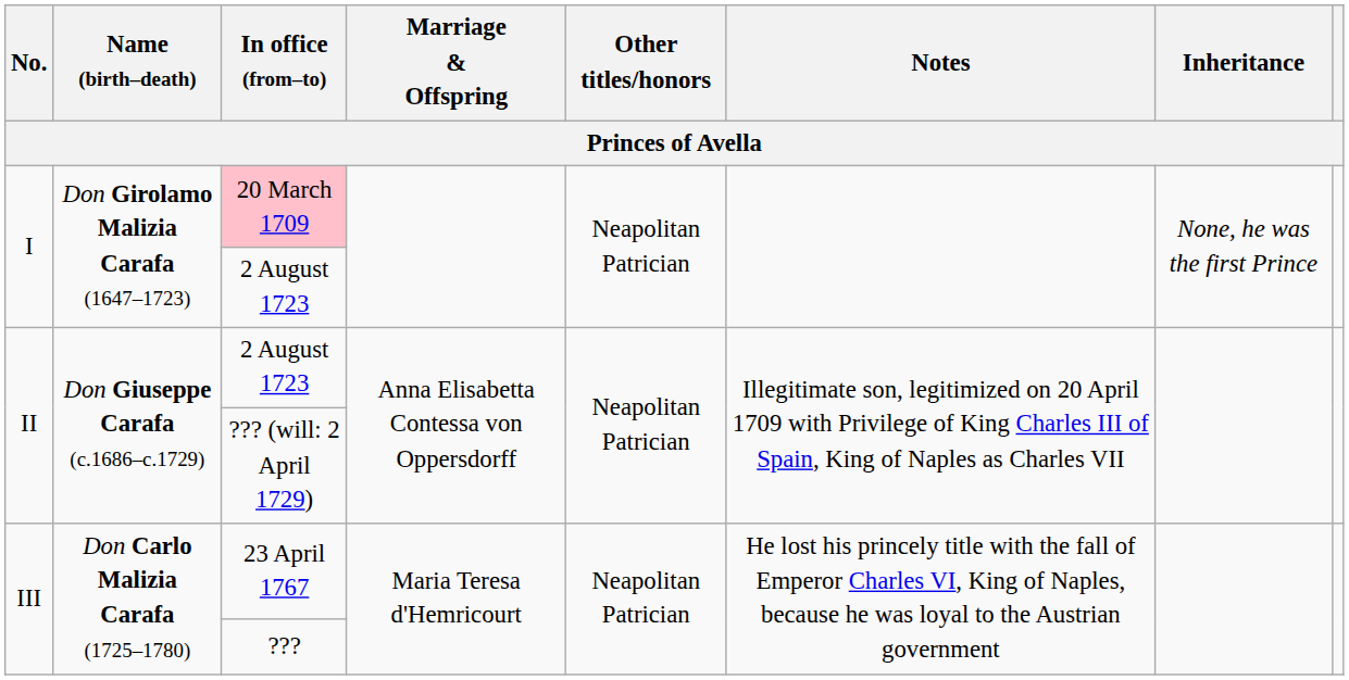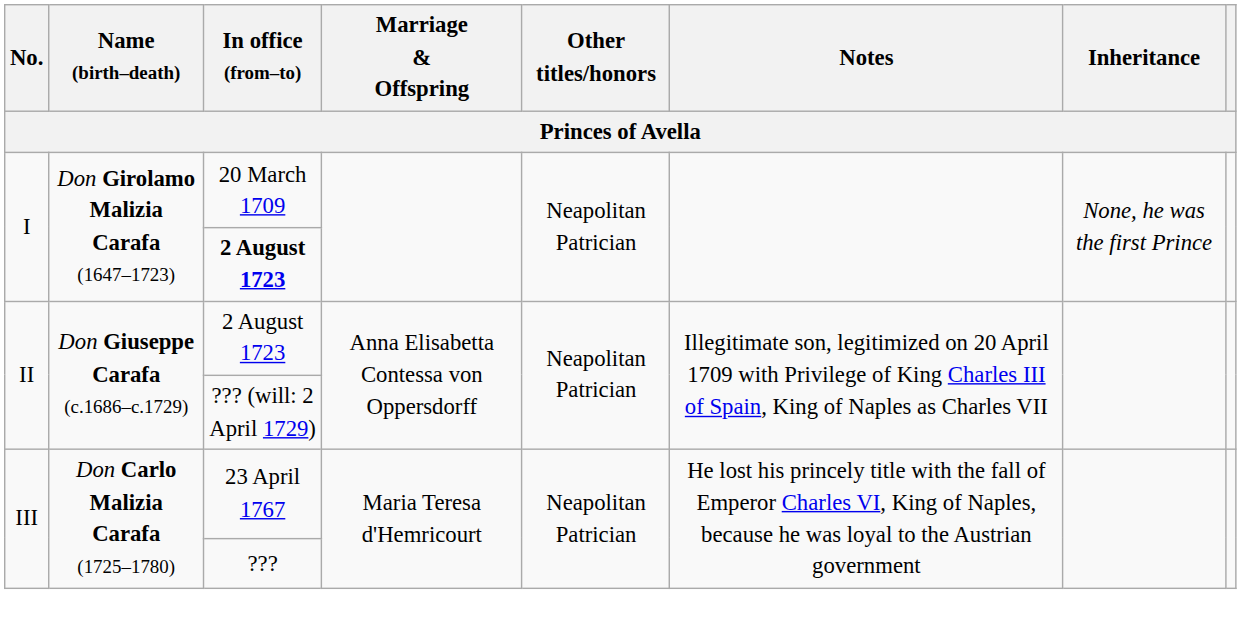 <table class="wikitable" style="line-height:1.4em; text-align:center">
 <tr>
 <th>No.</th>
 <th>Name<br><small>(birth–death)</small></th>
 <th>In office<br><small>(from–to)</small></th>
 <th>Marriage<br>&<br>Offspring</th>
 <th>Other titles/honors</th>
 <th>Notes</th>
 <th>Inheritance</th>
 <th></th>
 </tr>
 <tr>
 <th class=noprint colspan=8 style="font-weight:normal" style="background:#FFD700"><strong>Princes of Avella</strong></th>
 </tr>
 <tr>
 <td rowspan=2>I</td>
 <td rowspan=2><em>Don</em> <strong>Girolamo Malizia Carafa</strong><br><small>(1647–1723)</small></td>
-<td style="background: pink;">20 March <a href='#'>1709</a></td>
+<td>20 March <a href='#'>1709</a></td>
 <td rowspan=2></td>
 <td rowspan=2>Neapolitan Patrician</td>
 <td rowspan=2></td>
 <td rowspan=2><em>None, he was the first Prince</em></td>
 <td rowspan=2></td>
 </tr>
 <tr>
-<td>2 August <a href='#'>1723</a></td>
+<td><strong>2 August <a href='#'>1723</a></strong></td>
 </tr>
 <tr>
 <td rowspan=2>II</td>
 <td rowspan=2><em>Don</em> <strong>Giuseppe Carafa</strong><br><small>(c.1686–c.1729)</small></td>
 <td>2 August <a href='#'>1723</a></td>
 <td rowspan=2>Anna Elisabetta Contessa von Oppersdorff</td>
 <td rowspan=2>Neapolitan Patrician</td>
 <td rowspan=2>Illegitimate son, legitimized on 20 April 1709 with Privilege of King <a href='#'>Charles III of Spain</a>, King of Naples as Charles VII</td>
 <td rowspan=2></td>
 <td rowspan=2></td>
 </tr>
 <tr>
 <td>??? (will: 2 April <a href='#'>1729</a>)</td>
 </tr>
 <tr>
 <td rowspan=2>III</td>
 <td rowspan=2><em>Don</em> <strong>Carlo Malizia Carafa</strong><br><small>(1725–1780)</small></td>
 <td>23 April <a href='#'>1767</a></td>
 <td rowspan=2>Maria Teresa d'Hemricourt</td>
 <td rowspan=2>Neapolitan Patrician</td>
 <td rowspan=2>He lost his princely title with the fall of Emperor <a href='#'>Charles VI</a>, King of Naples, because he was loyal to the Austrian government</td>
 <td rowspan=2></td>
 <td rowspan=2></td>
 </tr>
 <tr>
 <td>???</td>
 </tr>
 </table>
